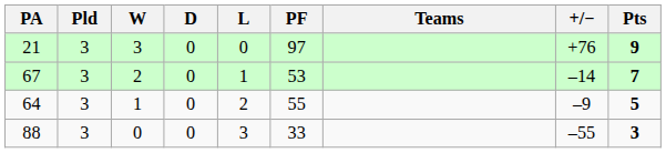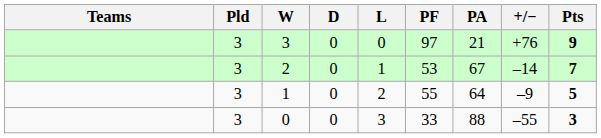 <table class="wikitable" style="text-align: center;">
 <tr>
-<th width="40">PA</th>
+<th width="200">Teams</th>
 <th width="40">Pld</th>
 <th width="40">W</th>
 <th width="40">D</th>
 <th width="40">L</th>
 <th width="40">PF</th>
-<th width="200">Teams</th>
+<th width="40">PA</th>
 <th width="40">+/−</th>
 <th width="40">Pts</th>
 </tr>
 <tr bgcolor=#ccffcc>
-<td>21</td>
+<td align=left></td>
 <td>3</td>
 <td>3</td>
 <td>0</td>
 <td>0</td>
 <td>97</td>
-<td align=left></td>
+<td>21</td>
 <td>+76</td>
 <td><strong>9</strong></td>
 </tr>
 <tr bgcolor=#ccffcc>
-<td>67</td>
+<td align=left></td>
 <td>3</td>
 <td>2</td>
 <td>0</td>
 <td>1</td>
 <td>53</td>
-<td align=left></td>
+<td>67</td>
 <td>–14</td>
 <td><strong>7</strong></td>
 </tr>
 <tr>
-<td>64</td>
+<td align=left></td>
 <td>3</td>
 <td>1</td>
 <td>0</td>
 <td>2</td>
 <td>55</td>
-<td align=left></td>
+<td>64</td>
 <td>–9</td>
 <td><strong>5</strong></td>
 </tr>
 <tr>
-<td>88</td>
+<td align=left></td>
 <td>3</td>
 <td>0</td>
 <td>0</td>
 <td>3</td>
 <td>33</td>
-<td align=left></td>
+<td>88</td>
 <td>–55</td>
 <td><strong>3</strong></td>
 </tr>
 </table>
